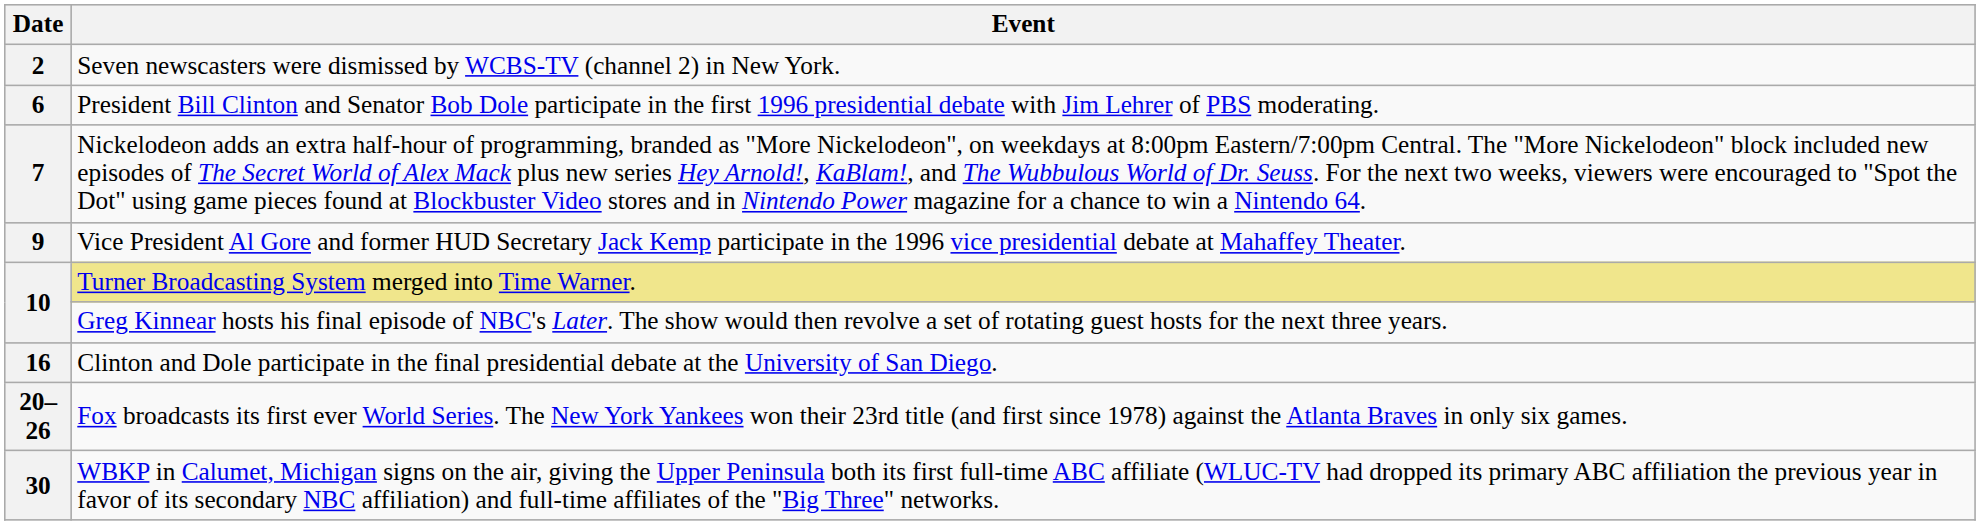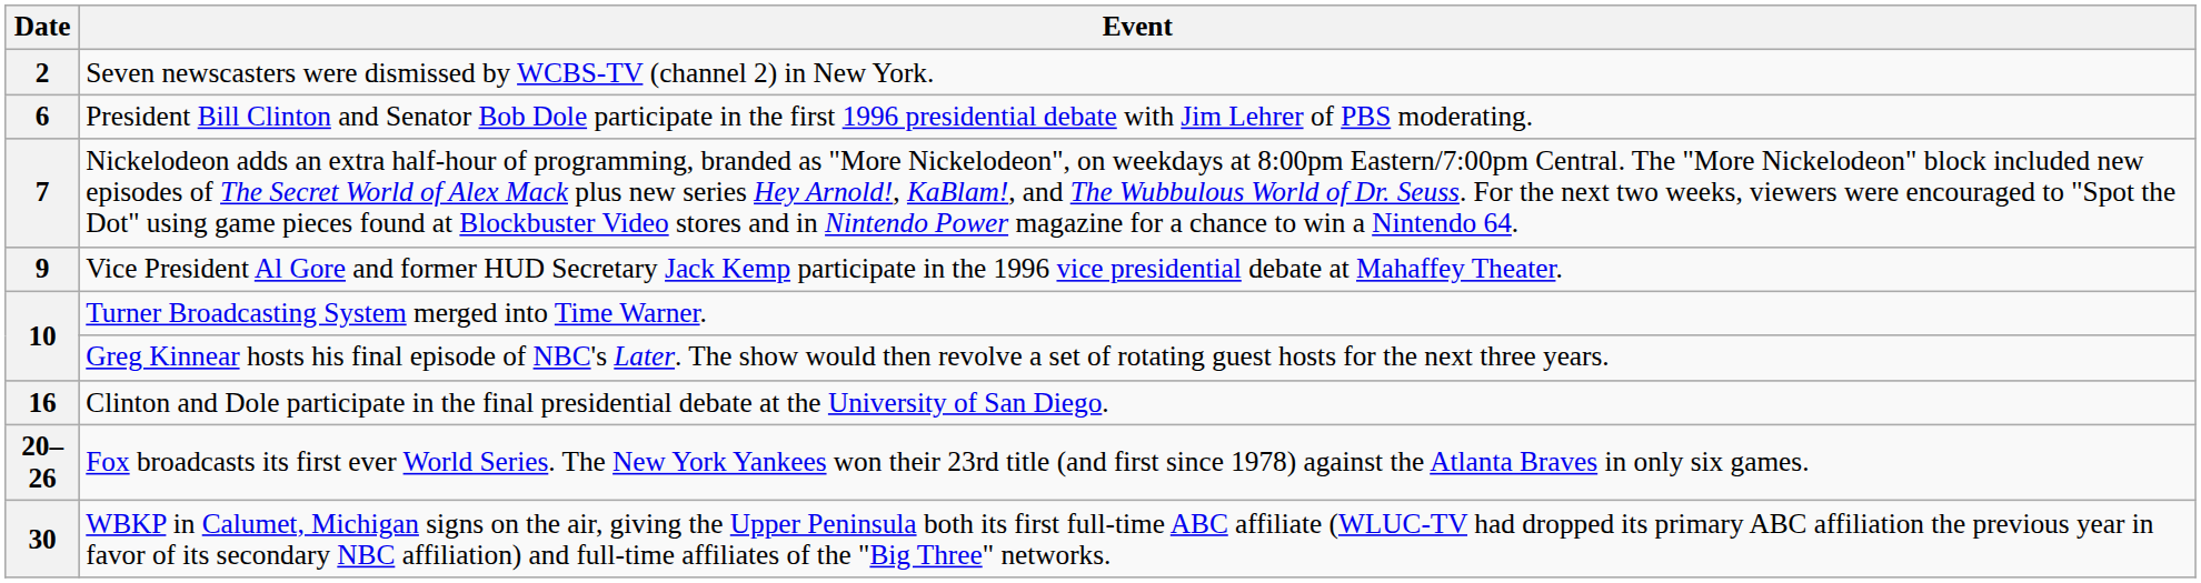 <table class="wikitable">
 <tr>
 <th>Date</th>
 <th>Event</th>
 </tr>
 <tr>
 <th>2</th>
 <td>Seven newscasters were dismissed by <a href='#'>WCBS-TV</a> (channel 2) in New York.</td>
 </tr>
 <tr>
 <th>6</th>
 <td>President <a href='#'>Bill Clinton</a> and Senator <a href='#'>Bob Dole</a> participate in the first <a href='#'>1996 presidential debate</a> with <a href='#'>Jim Lehrer</a> of <a href='#'>PBS</a> moderating.</td>
 </tr>
 <tr>
 <th>7</th>
 <td>Nickelodeon adds an extra half-hour of programming, branded as "More Nickelodeon", on weekdays at 8:00pm Eastern/7:00pm Central. The "More Nickelodeon" block included new episodes of <em><a href='#'>The Secret World of Alex Mack</a></em> plus new series <em><a href='#'>Hey Arnold!</a></em>, <em><a href='#'>KaBlam!</a></em>, and <em><a href='#'>The Wubbulous World of Dr. Seuss</a></em>. For the next two weeks, viewers were encouraged to "Spot the Dot" using game pieces found at <a href='#'>Blockbuster Video</a> stores and in <em><a href='#'>Nintendo Power</a></em> magazine for a chance to win a <a href='#'>Nintendo 64</a>.</td>
 </tr>
 <tr>
 <th>9</th>
 <td>Vice President <a href='#'>Al Gore</a> and former HUD Secretary <a href='#'>Jack Kemp</a> participate in the 1996 <a href='#'>vice presidential</a> debate at <a href='#'>Mahaffey Theater</a>.</td>
 </tr>
 <tr>
 <th rowspan="2">10</th>
-<td style="background: khaki;"><a href='#'>Turner Broadcasting System</a> merged into <a href='#'>Time Warner</a>.</td>
+<td><a href='#'>Turner Broadcasting System</a> merged into <a href='#'>Time Warner</a>.</td>
 </tr>
 <tr>
 <td><a href='#'>Greg Kinnear</a> hosts his final episode of <a href='#'>NBC</a>'s <em><a href='#'>Later</a></em>. The show would then revolve a set of rotating guest hosts for the next three years.</td>
 </tr>
 <tr>
 <th>16</th>
 <td>Clinton and Dole participate in the final presidential debate at the <a href='#'>University of San Diego</a>.</td>
 </tr>
 <tr>
 <th>20–26</th>
 <td><a href='#'>Fox</a> broadcasts its first ever <a href='#'>World Series</a>. The <a href='#'>New York Yankees</a> won their 23rd title (and first since 1978) against the <a href='#'>Atlanta Braves</a> in only six games.</td>
 </tr>
 <tr>
 <th>30</th>
 <td><a href='#'>WBKP</a> in <a href='#'>Calumet, Michigan</a> signs on the air, giving the <a href='#'>Upper Peninsula</a> both its first full-time <a href='#'>ABC</a> affiliate (<a href='#'>WLUC-TV</a> had dropped its primary ABC affiliation the previous year in favor of its secondary <a href='#'>NBC</a> affiliation) and full-time affiliates of the "<a href='#'>Big Three</a>" networks.</td>
 </tr>
 </table>
